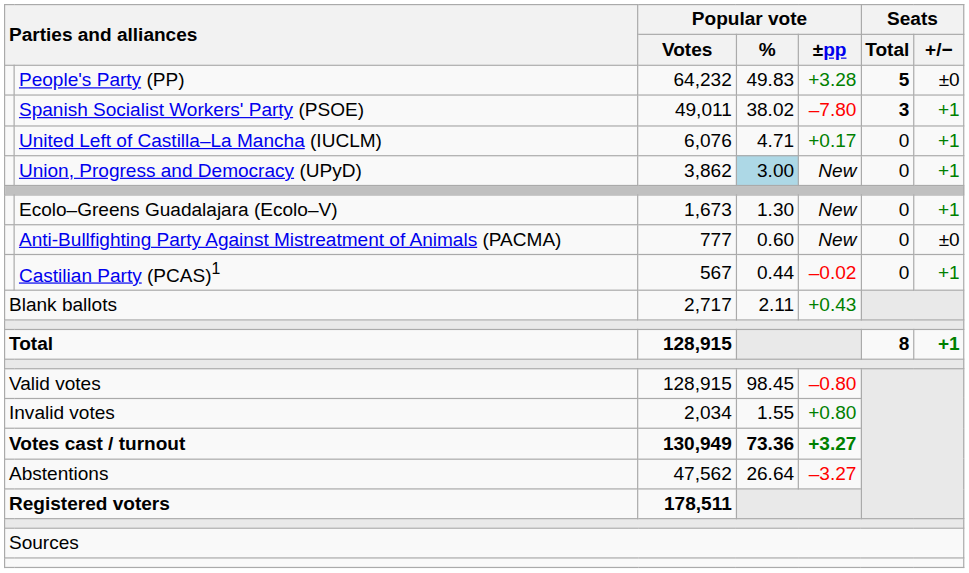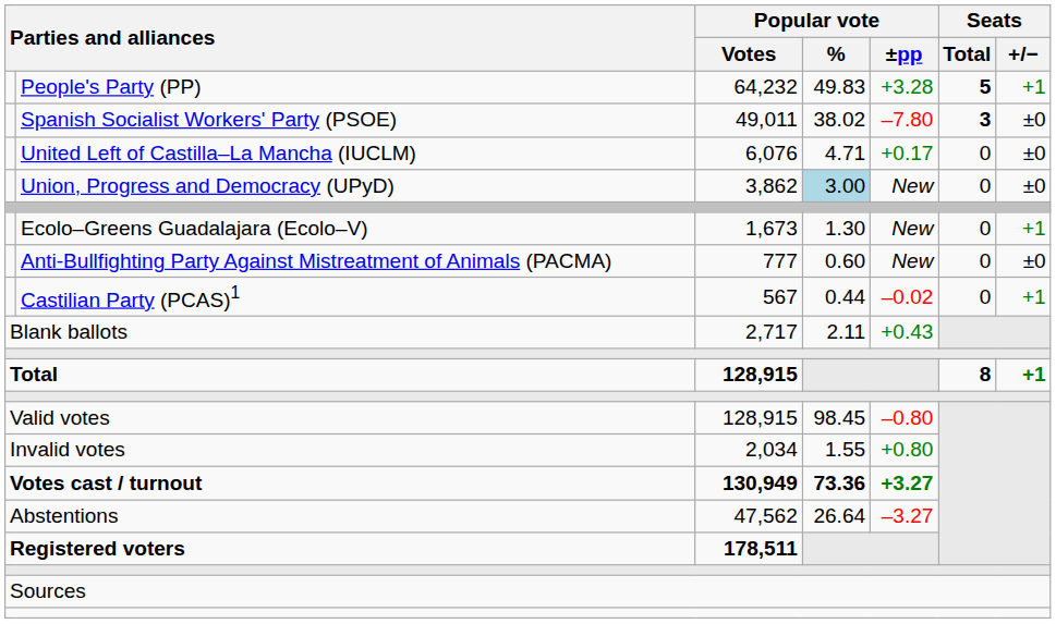 <table class="wikitable" style="text-align:right;">
 <tr>
 <th style="text-align:left;" rowspan="2" colspan="2" width="525">Parties and alliances</th>
 <th colspan="3">Popular vote</th>
 <th colspan="2">Seats</th>
 </tr>
 <tr>
 <th width="75">Votes</th>
 <th width="45">%</th>
 <th width="45">±<a href='#'>pp</a></th>
 <th width="35">Total</th>
 <th width="35">+/−</th>
 </tr>
 <tr>
 <td width="1" style="color:inherit;background:"></td>
 <td align="left"><a href='#'>People's Party</a> (PP)</td>
 <td>64,232</td>
 <td>49.83</td>
 <td style="color:green;">+3.28</td>
 <td><strong>5</strong></td>
-<td>±0</td>
+<td style="color:green;">+1</td>
 </tr>
 <tr>
 <td style="color:inherit;background:"></td>
 <td align="left"><a href='#'>Spanish Socialist Workers' Party</a> (PSOE)</td>
 <td>49,011</td>
 <td>38.02</td>
 <td style="color:red;">–7.80</td>
 <td><strong>3</strong></td>
-<td style="color:green;">+1</td>
+<td>±0</td>
 </tr>
 <tr>
 <td style="color:inherit;background:"></td>
 <td align="left"><a href='#'>United Left of Castilla–La Mancha</a> (IUCLM)</td>
 <td>6,076</td>
 <td>4.71</td>
 <td style="color:green;">+0.17</td>
 <td>0</td>
-<td style="color:green;">+1</td>
+<td>±0</td>
 </tr>
 <tr>
 <td style="color:inherit;background:"></td>
 <td align="left"><a href='#'>Union, Progress and Democracy</a> (UPyD)</td>
 <td>3,862</td>
 <td style="background: lightblue;">3.00</td>
 <td><em>New</em></td>
 <td>0</td>
-<td style="color:green;">+1</td>
+<td>±0</td>
 </tr>
 <tr>
 <td colspan="7" bgcolor="#C0C0C0"></td>
 </tr>
 <tr>
 <td style="color:inherit;background:"></td>
 <td align="left">Ecolo–Greens Guadalajara (Ecolo–V)</td>
 <td>1,673</td>
 <td>1.30</td>
 <td><em>New</em></td>
 <td>0</td>
 <td style="color:green;">+1</td>
 </tr>
 <tr>
 <td style="color:inherit;background:"></td>
 <td align="left"><a href='#'>Anti-Bullfighting Party Against Mistreatment of Animals</a> (PACMA)</td>
 <td>777</td>
 <td>0.60</td>
 <td><em>New</em></td>
 <td>0</td>
 <td>±0</td>
 </tr>
 <tr>
 <td style="color:inherit;background:"></td>
 <td align="left"><a href='#'>Castilian Party</a> (PCAS)<sup>1</sup></td>
 <td>567</td>
 <td>0.44</td>
 <td style="color:red;">–0.02</td>
 <td>0</td>
 <td style="color:green;">+1</td>
 </tr>
 <tr>
 <td align="left" colspan="2">Blank ballots</td>
 <td>2,717</td>
 <td>2.11</td>
 <td style="color:green;">+0.43</td>
 <td bgcolor="#E9E9E9" colspan="2"></td>
 </tr>
 <tr>
 <td colspan="7" bgcolor="#E9E9E9"></td>
 </tr>
 <tr style="font-weight:bold;">
 <td align="left" colspan="2">Total</td>
 <td>128,915</td>
 <td bgcolor="#E9E9E9" colspan="2"></td>
 <td>8</td>
 <td style="color:green;">+1</td>
 </tr>
 <tr>
 <td colspan="7" bgcolor="#E9E9E9"></td>
 </tr>
 <tr>
 <td align="left" colspan="2">Valid votes</td>
 <td>128,915</td>
 <td>98.45</td>
 <td style="color:red;">–0.80</td>
 <td bgcolor="#E9E9E9" colspan="2" rowspan="5"></td>
 </tr>
 <tr>
 <td align="left" colspan="2">Invalid votes</td>
 <td>2,034</td>
 <td>1.55</td>
 <td style="color:green;">+0.80</td>
 </tr>
 <tr style="font-weight:bold;">
 <td align="left" colspan="2">Votes cast / turnout</td>
 <td>130,949</td>
 <td>73.36</td>
 <td style="color:green;">+3.27</td>
 </tr>
 <tr>
 <td align="left" colspan="2">Abstentions</td>
 <td>47,562</td>
 <td>26.64</td>
 <td style="color:red;">–3.27</td>
 </tr>
 <tr style="font-weight:bold;">
 <td align="left" colspan="2">Registered voters</td>
 <td>178,511</td>
 <td bgcolor="#E9E9E9" colspan="2"></td>
 </tr>
 <tr>
 <td colspan="7" bgcolor="#E9E9E9"></td>
 </tr>
 <tr>
 <td align="left" colspan="7">Sources</td>
 </tr>
 <tr>
 <td colspan="7" style="text-align:left; max-width:790px;"></td>
 </tr>
 </table>
